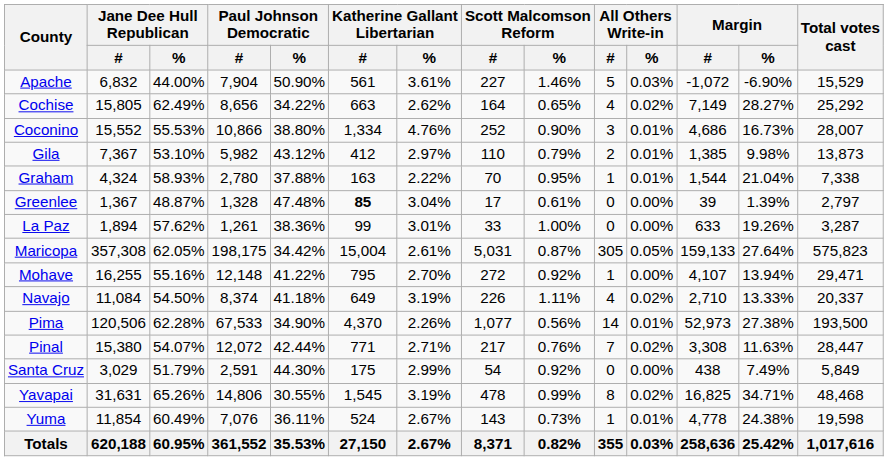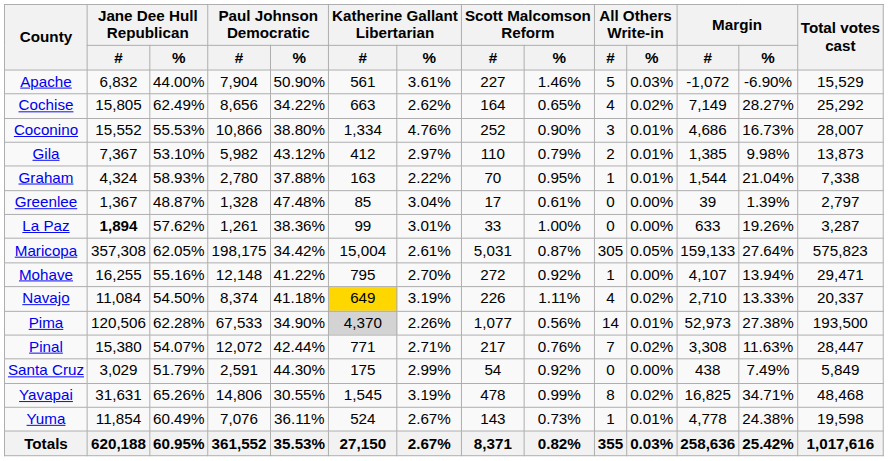 <table class="wikitable sortable">
 <tr>
 <th rowspan="2">County</th>
 <th style="text-align:center;" colspan="2">Jane Dee Hull<br>Republican</th>
 <th style="text-align:center;" colspan="2">Paul Johnson<br>Democratic</th>
 <th style="text-align:center;" colspan="2">Katherine Gallant<br>Libertarian</th>
 <th style="text-align:center;" colspan="2">Scott Malcomson<br>Reform</th>
 <th style="text-align:center;" colspan="2">All Others <br>Write-in</th>
 <th style="text-align:center;" colspan="2">Margin</th>
 <th style="text-align:center;" rowspan="2">Total votes<br>cast</th>
 </tr>
 <tr>
 <th style="text-align:center;" data-sort-type="number">#</th>
 <th style="text-align:center;" data-sort-type="number">%</th>
 <th style="text-align:center;" data-sort-type="number">#</th>
 <th style="text-align:center;" data-sort-type="number">%</th>
 <th style="text-align:center;" data-sort-type="number">#</th>
 <th style="text-align:center;" data-sort-type="number">%</th>
 <th style="text-align:center;" data-sort-type="number">#</th>
 <th style="text-align:center;" data-sort-type="number">%</th>
 <th style="text-align:center;" data-sort-type="number">#</th>
 <th style="text-align:center;" data-sort-type="number">%</th>
 <th style="text-align:center;" data-sort-type="number">#</th>
 <th style="text-align:center;" data-sort-type="number">%</th>
 </tr>
 <tr style="text-align:center;">
 <td><a href='#'>Apache</a></td>
 <td>6,832</td>
 <td>44.00%</td>
 <td>7,904</td>
 <td>50.90%</td>
 <td>561</td>
 <td>3.61%</td>
 <td>227</td>
 <td>1.46%</td>
 <td>5</td>
 <td>0.03%</td>
 <td>-1,072</td>
 <td>-6.90%</td>
 <td>15,529</td>
 </tr>
 <tr style="text-align:center;">
 <td><a href='#'>Cochise</a></td>
 <td>15,805</td>
 <td>62.49%</td>
 <td>8,656</td>
 <td>34.22%</td>
 <td>663</td>
 <td>2.62%</td>
 <td>164</td>
 <td>0.65%</td>
 <td>4</td>
 <td>0.02%</td>
 <td>7,149</td>
 <td>28.27%</td>
 <td>25,292</td>
 </tr>
 <tr style="text-align:center;">
 <td><a href='#'>Coconino</a></td>
 <td>15,552</td>
 <td>55.53%</td>
 <td>10,866</td>
 <td>38.80%</td>
 <td>1,334</td>
 <td>4.76%</td>
 <td>252</td>
 <td>0.90%</td>
 <td>3</td>
 <td>0.01%</td>
 <td>4,686</td>
 <td>16.73%</td>
 <td>28,007</td>
 </tr>
 <tr style="text-align:center;">
 <td><a href='#'>Gila</a></td>
 <td>7,367</td>
 <td>53.10%</td>
 <td>5,982</td>
 <td>43.12%</td>
 <td>412</td>
 <td>2.97%</td>
 <td>110</td>
 <td>0.79%</td>
 <td>2</td>
 <td>0.01%</td>
 <td>1,385</td>
 <td>9.98%</td>
 <td>13,873</td>
 </tr>
 <tr style="text-align:center;">
 <td><a href='#'>Graham</a></td>
 <td>4,324</td>
 <td>58.93%</td>
 <td>2,780</td>
 <td>37.88%</td>
 <td>163</td>
 <td>2.22%</td>
 <td>70</td>
 <td>0.95%</td>
 <td>1</td>
 <td>0.01%</td>
 <td>1,544</td>
 <td>21.04%</td>
 <td>7,338</td>
 </tr>
 <tr style="text-align:center;">
 <td><a href='#'>Greenlee</a></td>
 <td>1,367</td>
 <td>48.87%</td>
 <td>1,328</td>
 <td>47.48%</td>
-<td><strong>85</strong></td>
+<td>85</td>
 <td>3.04%</td>
 <td>17</td>
 <td>0.61%</td>
 <td>0</td>
 <td>0.00%</td>
 <td>39</td>
 <td>1.39%</td>
 <td>2,797</td>
 </tr>
 <tr style="text-align:center;">
 <td><a href='#'>La Paz</a></td>
-<td>1,894</td>
+<td><strong>1,894</strong></td>
 <td>57.62%</td>
 <td>1,261</td>
 <td>38.36%</td>
 <td>99</td>
 <td>3.01%</td>
 <td>33</td>
 <td>1.00%</td>
 <td>0</td>
 <td>0.00%</td>
 <td>633</td>
 <td>19.26%</td>
 <td>3,287</td>
 </tr>
 <tr style="text-align:center;">
 <td><a href='#'>Maricopa</a></td>
 <td>357,308</td>
 <td>62.05%</td>
 <td>198,175</td>
 <td>34.42%</td>
 <td>15,004</td>
 <td>2.61%</td>
 <td>5,031</td>
 <td>0.87%</td>
 <td>305</td>
 <td>0.05%</td>
 <td>159,133</td>
 <td>27.64%</td>
 <td>575,823</td>
 </tr>
 <tr style="text-align:center;">
 <td><a href='#'>Mohave</a></td>
 <td>16,255</td>
 <td>55.16%</td>
 <td>12,148</td>
 <td>41.22%</td>
 <td>795</td>
 <td>2.70%</td>
 <td>272</td>
 <td>0.92%</td>
 <td>1</td>
 <td>0.00%</td>
 <td>4,107</td>
 <td>13.94%</td>
 <td>29,471</td>
 </tr>
 <tr style="text-align:center;">
 <td><a href='#'>Navajo</a></td>
 <td>11,084</td>
 <td>54.50%</td>
 <td>8,374</td>
 <td>41.18%</td>
-<td>649</td>
+<td style="background: gold;">649</td>
 <td>3.19%</td>
 <td>226</td>
 <td>1.11%</td>
 <td>4</td>
 <td>0.02%</td>
 <td>2,710</td>
 <td>13.33%</td>
 <td>20,337</td>
 </tr>
 <tr style="text-align:center;">
 <td><a href='#'>Pima</a></td>
 <td>120,506</td>
 <td>62.28%</td>
 <td>67,533</td>
 <td>34.90%</td>
-<td>4,370</td>
+<td style="background: lightgrey;">4,370</td>
 <td>2.26%</td>
 <td>1,077</td>
 <td>0.56%</td>
 <td>14</td>
 <td>0.01%</td>
 <td>52,973</td>
 <td>27.38%</td>
 <td>193,500</td>
 </tr>
 <tr style="text-align:center;">
 <td><a href='#'>Pinal</a></td>
 <td>15,380</td>
 <td>54.07%</td>
 <td>12,072</td>
 <td>42.44%</td>
 <td>771</td>
 <td>2.71%</td>
 <td>217</td>
 <td>0.76%</td>
 <td>7</td>
 <td>0.02%</td>
 <td>3,308</td>
 <td>11.63%</td>
 <td>28,447</td>
 </tr>
 <tr style="text-align:center;">
 <td><a href='#'>Santa Cruz</a></td>
 <td>3,029</td>
 <td>51.79%</td>
 <td>2,591</td>
 <td>44.30%</td>
 <td>175</td>
 <td>2.99%</td>
 <td>54</td>
 <td>0.92%</td>
 <td>0</td>
 <td>0.00%</td>
 <td>438</td>
 <td>7.49%</td>
 <td>5,849</td>
 </tr>
 <tr style="text-align:center;">
 <td><a href='#'>Yavapai</a></td>
 <td>31,631</td>
 <td>65.26%</td>
 <td>14,806</td>
 <td>30.55%</td>
 <td>1,545</td>
 <td>3.19%</td>
 <td>478</td>
 <td>0.99%</td>
 <td>8</td>
 <td>0.02%</td>
 <td>16,825</td>
 <td>34.71%</td>
 <td>48,468</td>
 </tr>
 <tr style="text-align:center;">
 <td><a href='#'>Yuma</a></td>
 <td>11,854</td>
 <td>60.49%</td>
 <td>7,076</td>
 <td>36.11%</td>
 <td>524</td>
 <td>2.67%</td>
 <td>143</td>
 <td>0.73%</td>
 <td>1</td>
 <td>0.01%</td>
 <td>4,778</td>
 <td>24.38%</td>
 <td>19,598</td>
 </tr>
 <tr style="text-align:center;">
 <th>Totals</th>
 <th>620,188</th>
 <th>60.95%</th>
 <th>361,552</th>
 <th>35.53%</th>
 <th>27,150</th>
 <th>2.67%</th>
 <th>8,371</th>
 <th>0.82%</th>
 <th>355</th>
 <th>0.03%</th>
 <th>258,636</th>
 <th>25.42%</th>
 <th>1,017,616</th>
 </tr>
 </table>
